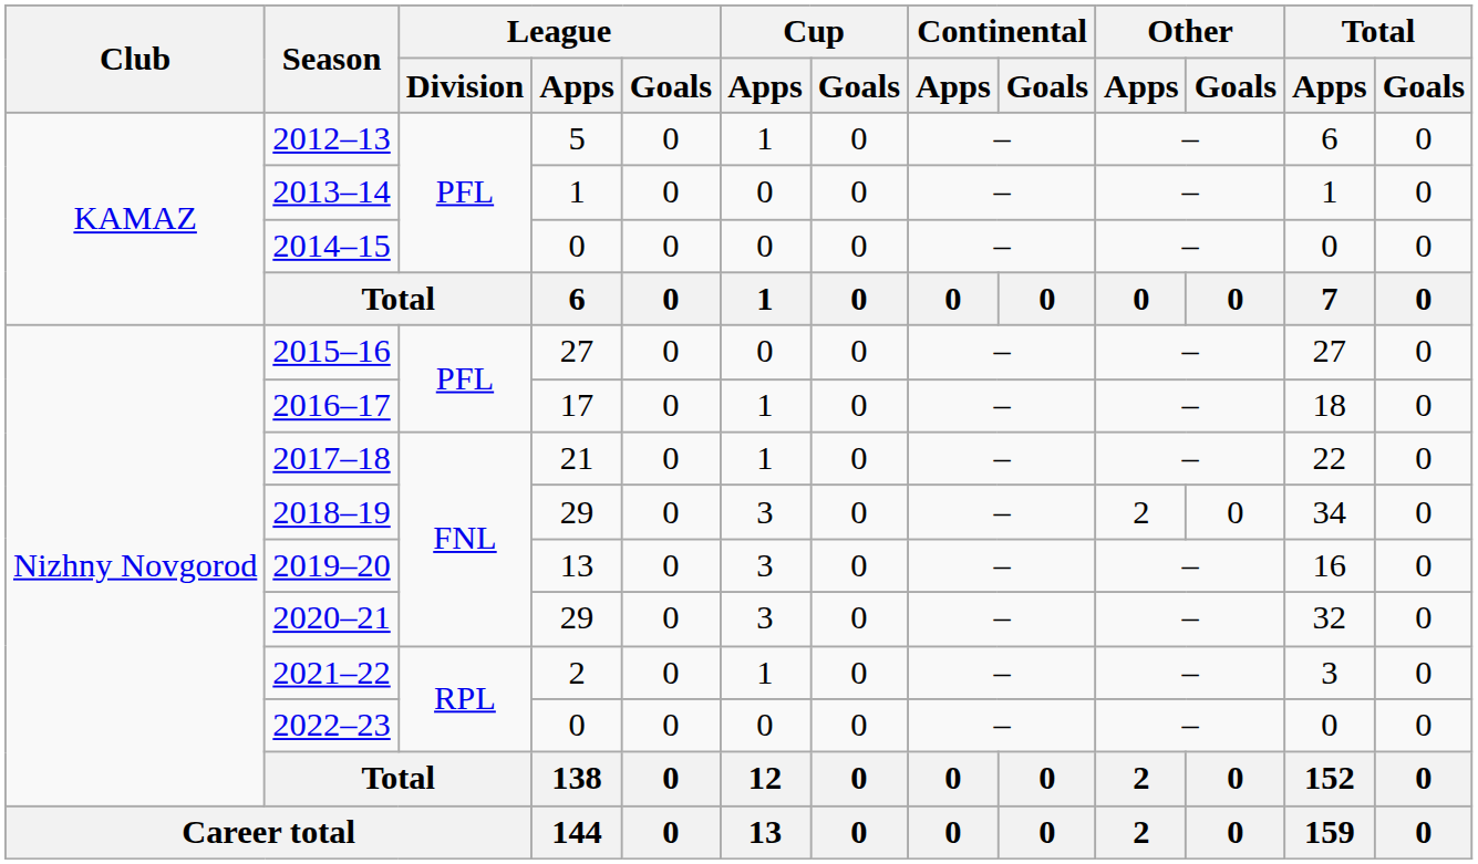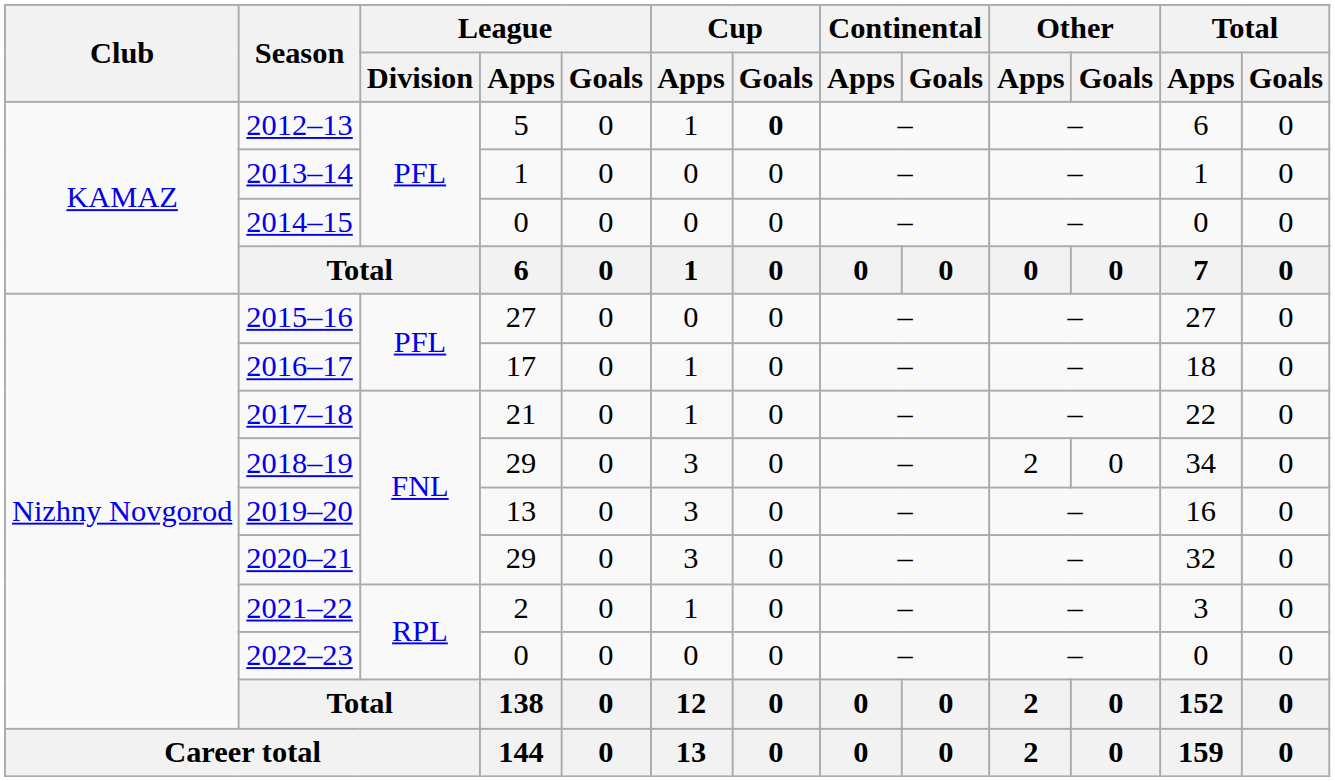 <table class="wikitable" style="text-align: center;">
 <tr>
 <th rowspan=2>Club</th>
 <th rowspan=2>Season</th>
 <th colspan=3>League</th>
 <th colspan=2>Cup</th>
 <th colspan=2>Continental</th>
 <th colspan=2>Other</th>
 <th colspan=2>Total</th>
 </tr>
 <tr>
 <th>Division</th>
 <th>Apps</th>
 <th>Goals</th>
 <th>Apps</th>
 <th>Goals</th>
 <th>Apps</th>
 <th>Goals</th>
 <th>Apps</th>
 <th>Goals</th>
 <th>Apps</th>
 <th>Goals</th>
 </tr>
 <tr>
 <td rowspan="4"><a href='#'>KAMAZ</a></td>
 <td><a href='#'>2012–13</a></td>
 <td rowspan="3"><a href='#'>PFL</a></td>
 <td>5</td>
 <td>0</td>
 <td>1</td>
-<td>0</td>
+<td><strong>0</strong></td>
 <td colspan=2>–</td>
 <td colspan=2>–</td>
 <td>6</td>
 <td>0</td>
 </tr>
 <tr>
 <td><a href='#'>2013–14</a></td>
 <td>1</td>
 <td>0</td>
 <td>0</td>
 <td>0</td>
 <td colspan=2>–</td>
 <td colspan=2>–</td>
 <td>1</td>
 <td>0</td>
 </tr>
 <tr>
 <td><a href='#'>2014–15</a></td>
 <td>0</td>
 <td>0</td>
 <td>0</td>
 <td>0</td>
 <td colspan=2>–</td>
 <td colspan=2>–</td>
 <td>0</td>
 <td>0</td>
 </tr>
 <tr>
 <th colspan=2>Total</th>
 <th>6</th>
 <th>0</th>
 <th>1</th>
 <th>0</th>
 <th>0</th>
 <th>0</th>
 <th>0</th>
 <th>0</th>
 <th>7</th>
 <th>0</th>
 </tr>
 <tr>
 <td rowspan="9"><a href='#'>Nizhny Novgorod</a></td>
 <td><a href='#'>2015–16</a></td>
 <td rowspan="2"><a href='#'>PFL</a></td>
 <td>27</td>
 <td>0</td>
 <td>0</td>
 <td>0</td>
 <td colspan=2>–</td>
 <td colspan=2>–</td>
 <td>27</td>
 <td>0</td>
 </tr>
 <tr>
 <td><a href='#'>2016–17</a></td>
 <td>17</td>
 <td>0</td>
 <td>1</td>
 <td>0</td>
 <td colspan=2>–</td>
 <td colspan=2>–</td>
 <td>18</td>
 <td>0</td>
 </tr>
 <tr>
 <td><a href='#'>2017–18</a></td>
 <td rowspan="4"><a href='#'>FNL</a></td>
 <td>21</td>
 <td>0</td>
 <td>1</td>
 <td>0</td>
 <td colspan=2>–</td>
 <td colspan=2>–</td>
 <td>22</td>
 <td>0</td>
 </tr>
 <tr>
 <td><a href='#'>2018–19</a></td>
 <td>29</td>
 <td>0</td>
 <td>3</td>
 <td>0</td>
 <td colspan=2>–</td>
 <td>2</td>
 <td>0</td>
 <td>34</td>
 <td>0</td>
 </tr>
 <tr>
 <td><a href='#'>2019–20</a></td>
 <td>13</td>
 <td>0</td>
 <td>3</td>
 <td>0</td>
 <td colspan=2>–</td>
 <td colspan=2>–</td>
 <td>16</td>
 <td>0</td>
 </tr>
 <tr>
 <td><a href='#'>2020–21</a></td>
 <td>29</td>
 <td>0</td>
 <td>3</td>
 <td>0</td>
 <td colspan=2>–</td>
 <td colspan=2>–</td>
 <td>32</td>
 <td>0</td>
 </tr>
 <tr>
 <td><a href='#'>2021–22</a></td>
 <td rowspan="2"><a href='#'>RPL</a></td>
 <td>2</td>
 <td>0</td>
 <td>1</td>
 <td>0</td>
 <td colspan=2>–</td>
 <td colspan=2>–</td>
 <td>3</td>
 <td>0</td>
 </tr>
 <tr>
 <td><a href='#'>2022–23</a></td>
 <td>0</td>
 <td>0</td>
 <td>0</td>
 <td>0</td>
 <td colspan=2>–</td>
 <td colspan=2>–</td>
 <td>0</td>
 <td>0</td>
 </tr>
 <tr>
 <th colspan=2>Total</th>
 <th>138</th>
 <th>0</th>
 <th>12</th>
 <th>0</th>
 <th>0</th>
 <th>0</th>
 <th>2</th>
 <th>0</th>
 <th>152</th>
 <th>0</th>
 </tr>
 <tr>
 <th colspan=3>Career total</th>
 <th>144</th>
 <th>0</th>
 <th>13</th>
 <th>0</th>
 <th>0</th>
 <th>0</th>
 <th>2</th>
 <th>0</th>
 <th>159</th>
 <th>0</th>
 </tr>
 </table>
